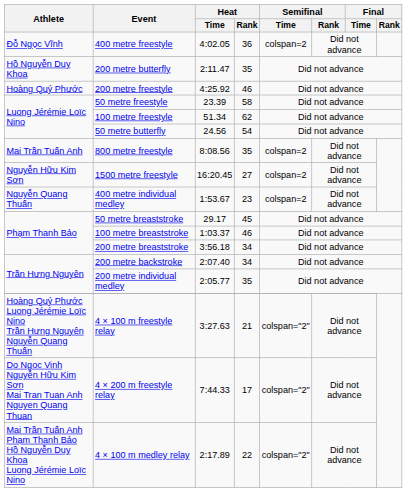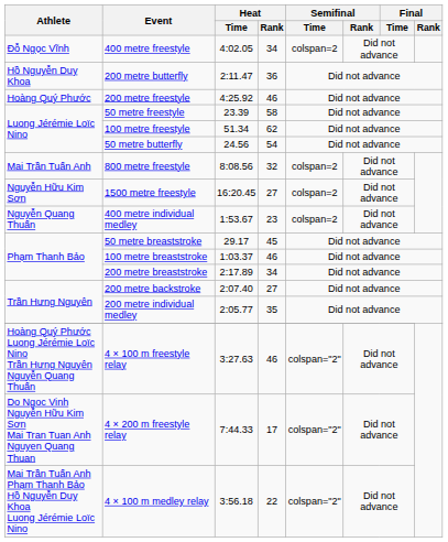 <table class="wikitable" style="text-align:center; font-size:90%; width:50%;">
 <tr>
 <th rowspan="2">Athlete</th>
 <th rowspan="2">Event</th>
 <th colspan="2">Heat</th>
 <th colspan="2">Semifinal</th>
 <th colspan="2">Final</th>
 </tr>
 <tr style="font-size:95%">
 <th>Time</th>
 <th>Rank</th>
 <th>Time</th>
 <th>Rank</th>
 <th>Time</th>
 <th>Rank</th>
 </tr>
 <tr>
 <td align=left><a href='#'>Đỗ Ngọc Vĩnh</a></td>
 <td align=left><a href='#'>400 metre freestyle</a></td>
 <td>4:02.05</td>
-<td>36</td>
+<td>34</td>
 <td>colspan=2</td>
 <td colspan=2>Did not advance</td>
 </tr>
 <tr>
 <td align=left><a href='#'>Hồ Nguyễn Duy Khoa</a></td>
 <td align=left><a href='#'>200 metre butterfly</a></td>
 <td>2:11.47</td>
-<td>35</td>
+<td>36</td>
 <td colspan=4>Did not advance</td>
 </tr>
 <tr>
 <td align=left><a href='#'>Hoàng Quý Phước</a></td>
 <td align=left><a href='#'>200 metre freestyle</a></td>
 <td>4:25.92</td>
 <td>46</td>
 <td colspan=4>Did not advance</td>
 </tr>
 <tr>
 <td align=left rowspan=3><a href='#'>Luong Jérémie Loïc Nino</a></td>
 <td align=left><a href='#'>50 metre freestyle</a></td>
 <td>23.39</td>
 <td>58</td>
 <td colspan=4>Did not advance</td>
 </tr>
 <tr>
 <td align=left><a href='#'>100 metre freestyle</a></td>
 <td>51.34</td>
 <td>62</td>
 <td colspan=4>Did not advance</td>
 </tr>
 <tr>
 <td align=left><a href='#'>50 metre butterfly</a></td>
 <td>24.56</td>
 <td>54</td>
 <td colspan=4>Did not advance</td>
 </tr>
 <tr>
 <td align=left><a href='#'>Mai Trần Tuấn Anh</a></td>
 <td align=left><a href='#'>800 metre freestyle</a></td>
 <td>8:08.56</td>
-<td>35</td>
+<td>32</td>
 <td>colspan=2</td>
 <td colspan=2>Did not advance</td>
 </tr>
 <tr>
 <td align=left><a href='#'>Nguyễn Hữu Kim Sơn</a></td>
 <td align=left><a href='#'>1500 metre freestyle</a></td>
 <td>16:20.45</td>
 <td>27</td>
 <td>colspan=2</td>
 <td colspan=2>Did not advance</td>
 </tr>
 <tr>
 <td align=left><a href='#'>Nguyễn Quang Thuấn</a></td>
 <td align=left><a href='#'>400 metre individual medley</a></td>
 <td>1:53.67</td>
 <td>23</td>
 <td>colspan=2</td>
 <td colspan="2">Did not advance</td>
 </tr>
 <tr>
 <td align=left rowspan=3><a href='#'>Phạm Thanh Bảo</a></td>
 <td align=left><a href='#'>50 metre breaststroke</a></td>
 <td>29.17</td>
 <td>45</td>
 <td colspan=4>Did not advance</td>
 </tr>
 <tr>
 <td align=left><a href='#'>100 metre breaststroke</a></td>
 <td>1:03.37</td>
 <td>46</td>
 <td colspan=4>Did not advance</td>
 </tr>
 <tr>
 <td align=left><a href='#'>200 metre breaststroke</a></td>
-<td>3:56.18</td>
+<td>2:17.89</td>
 <td>34</td>
 <td colspan=4>Did not advance</td>
 </tr>
 <tr>
 <td align=left rowspan=2><a href='#'>Trần Hưng Nguyên</a></td>
 <td align=left><a href='#'>200 metre backstroke</a></td>
 <td>2:07.40</td>
-<td>34</td>
+<td>27</td>
 <td colspan=4>Did not advance</td>
 </tr>
 <tr>
 <td align=left><a href='#'>200 metre individual medley</a></td>
 <td>2:05.77</td>
 <td>35</td>
 <td colspan=4>Did not advance</td>
 </tr>
 <tr align=center>
 </tr>
 <tr align=center>
 <td align=left><a href='#'>Hoàng Quý Phước</a> <br><a href='#'>Luong Jérémie Loïc Nino</a><br><a href='#'>Trần Hưng Nguyên</a> <br><a href='#'>Nguyễn Quang Thuấn</a></td>
 <td align=left><a href='#'>4 × 100 m freestyle relay</a></td>
 <td>3:27.63</td>
-<td>21</td>
+<td>46</td>
 <td>colspan="2" </td>
 <td colspan="2">Did not advance</td>
 </tr>
 <tr>
 <td align=left><a href='#'>Do Ngoc Vinh</a> <br><a href='#'>Nguyễn Hữu Kim Sơn</a><br><a href='#'>Mai Tran Tuan Anh</a> <br><a href='#'>Nguyen Quang Thuan</a></td>
 <td align=left><a href='#'>4 × 200 m freestyle relay</a></td>
 <td>7:44.33</td>
 <td>17</td>
 <td>colspan="2" </td>
 <td colspan="2">Did not advance</td>
 </tr>
 <tr>
 <td align=left><a href='#'>Mai Trần Tuấn Anh</a> <br> <a href='#'>Phạm Thanh Bảo</a>  <br> <a href='#'>Hồ Nguyễn Duy Khoa</a>  <br><a href='#'>Luong Jérémie Loïc Nino</a></td>
 <td align=left><a href='#'>4 × 100 m medley relay</a></td>
-<td>2:17.89</td>
+<td>3:56.18</td>
 <td>22</td>
 <td>colspan="2" </td>
 <td colspan=2>Did not advance</td>
 </tr>
 </table>
